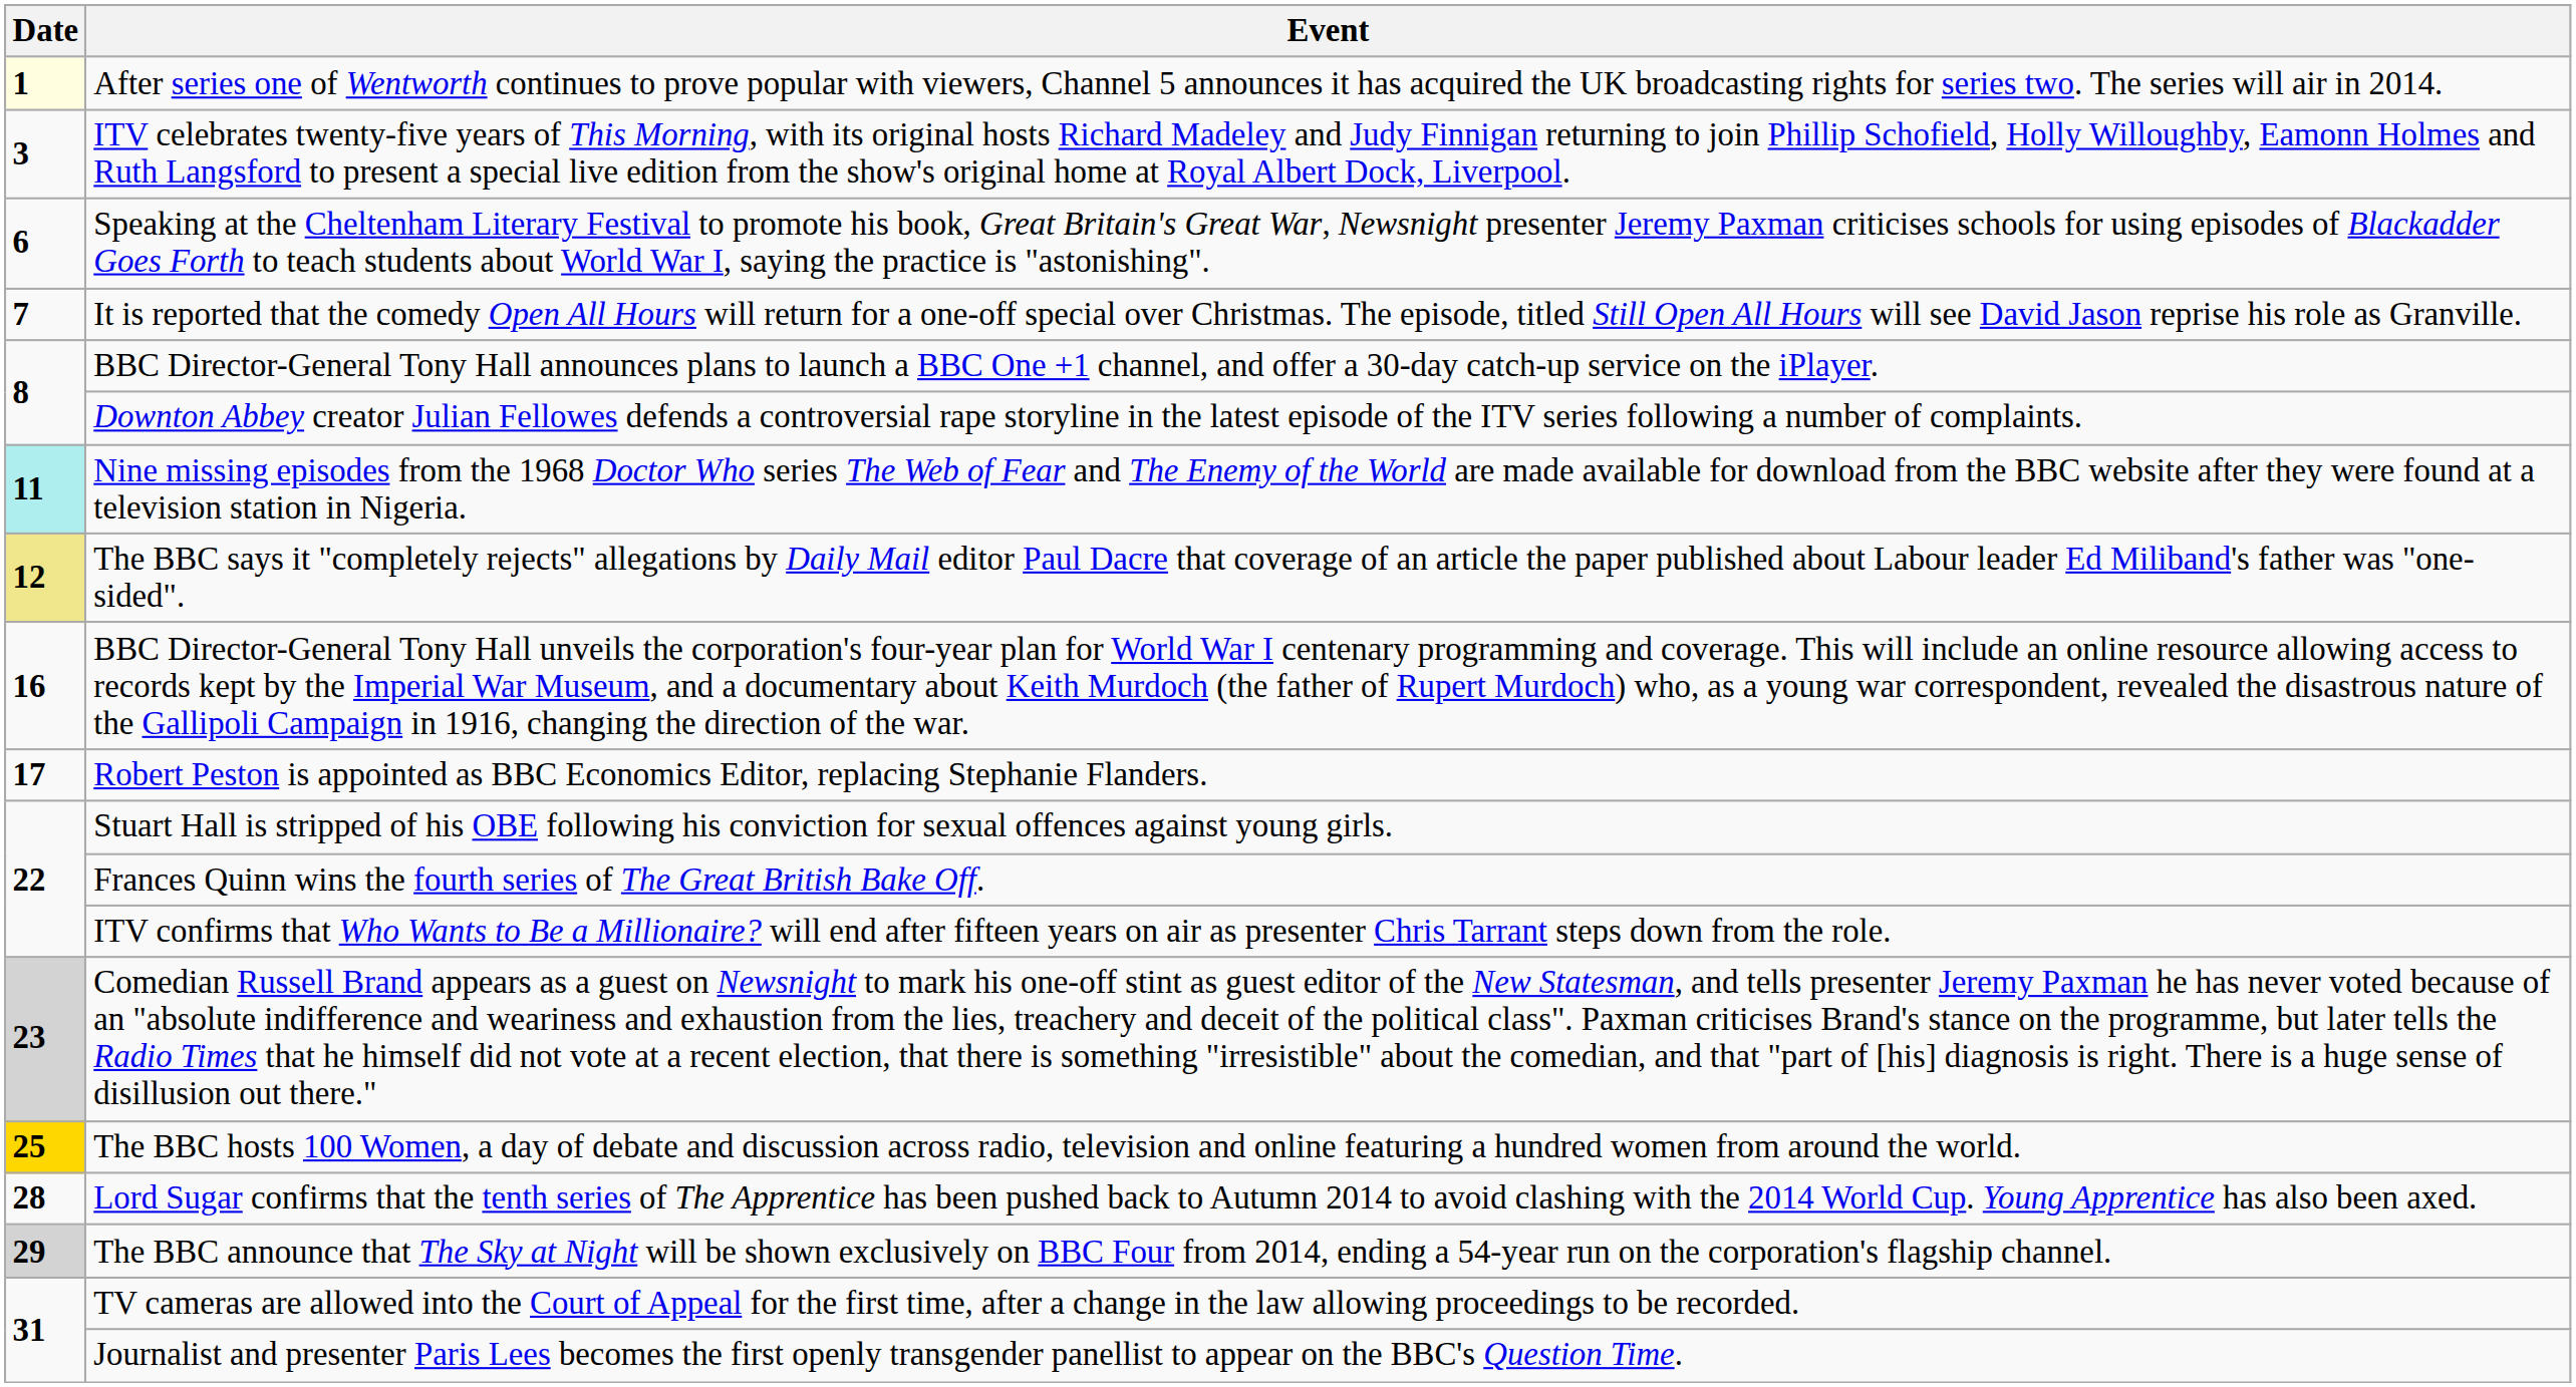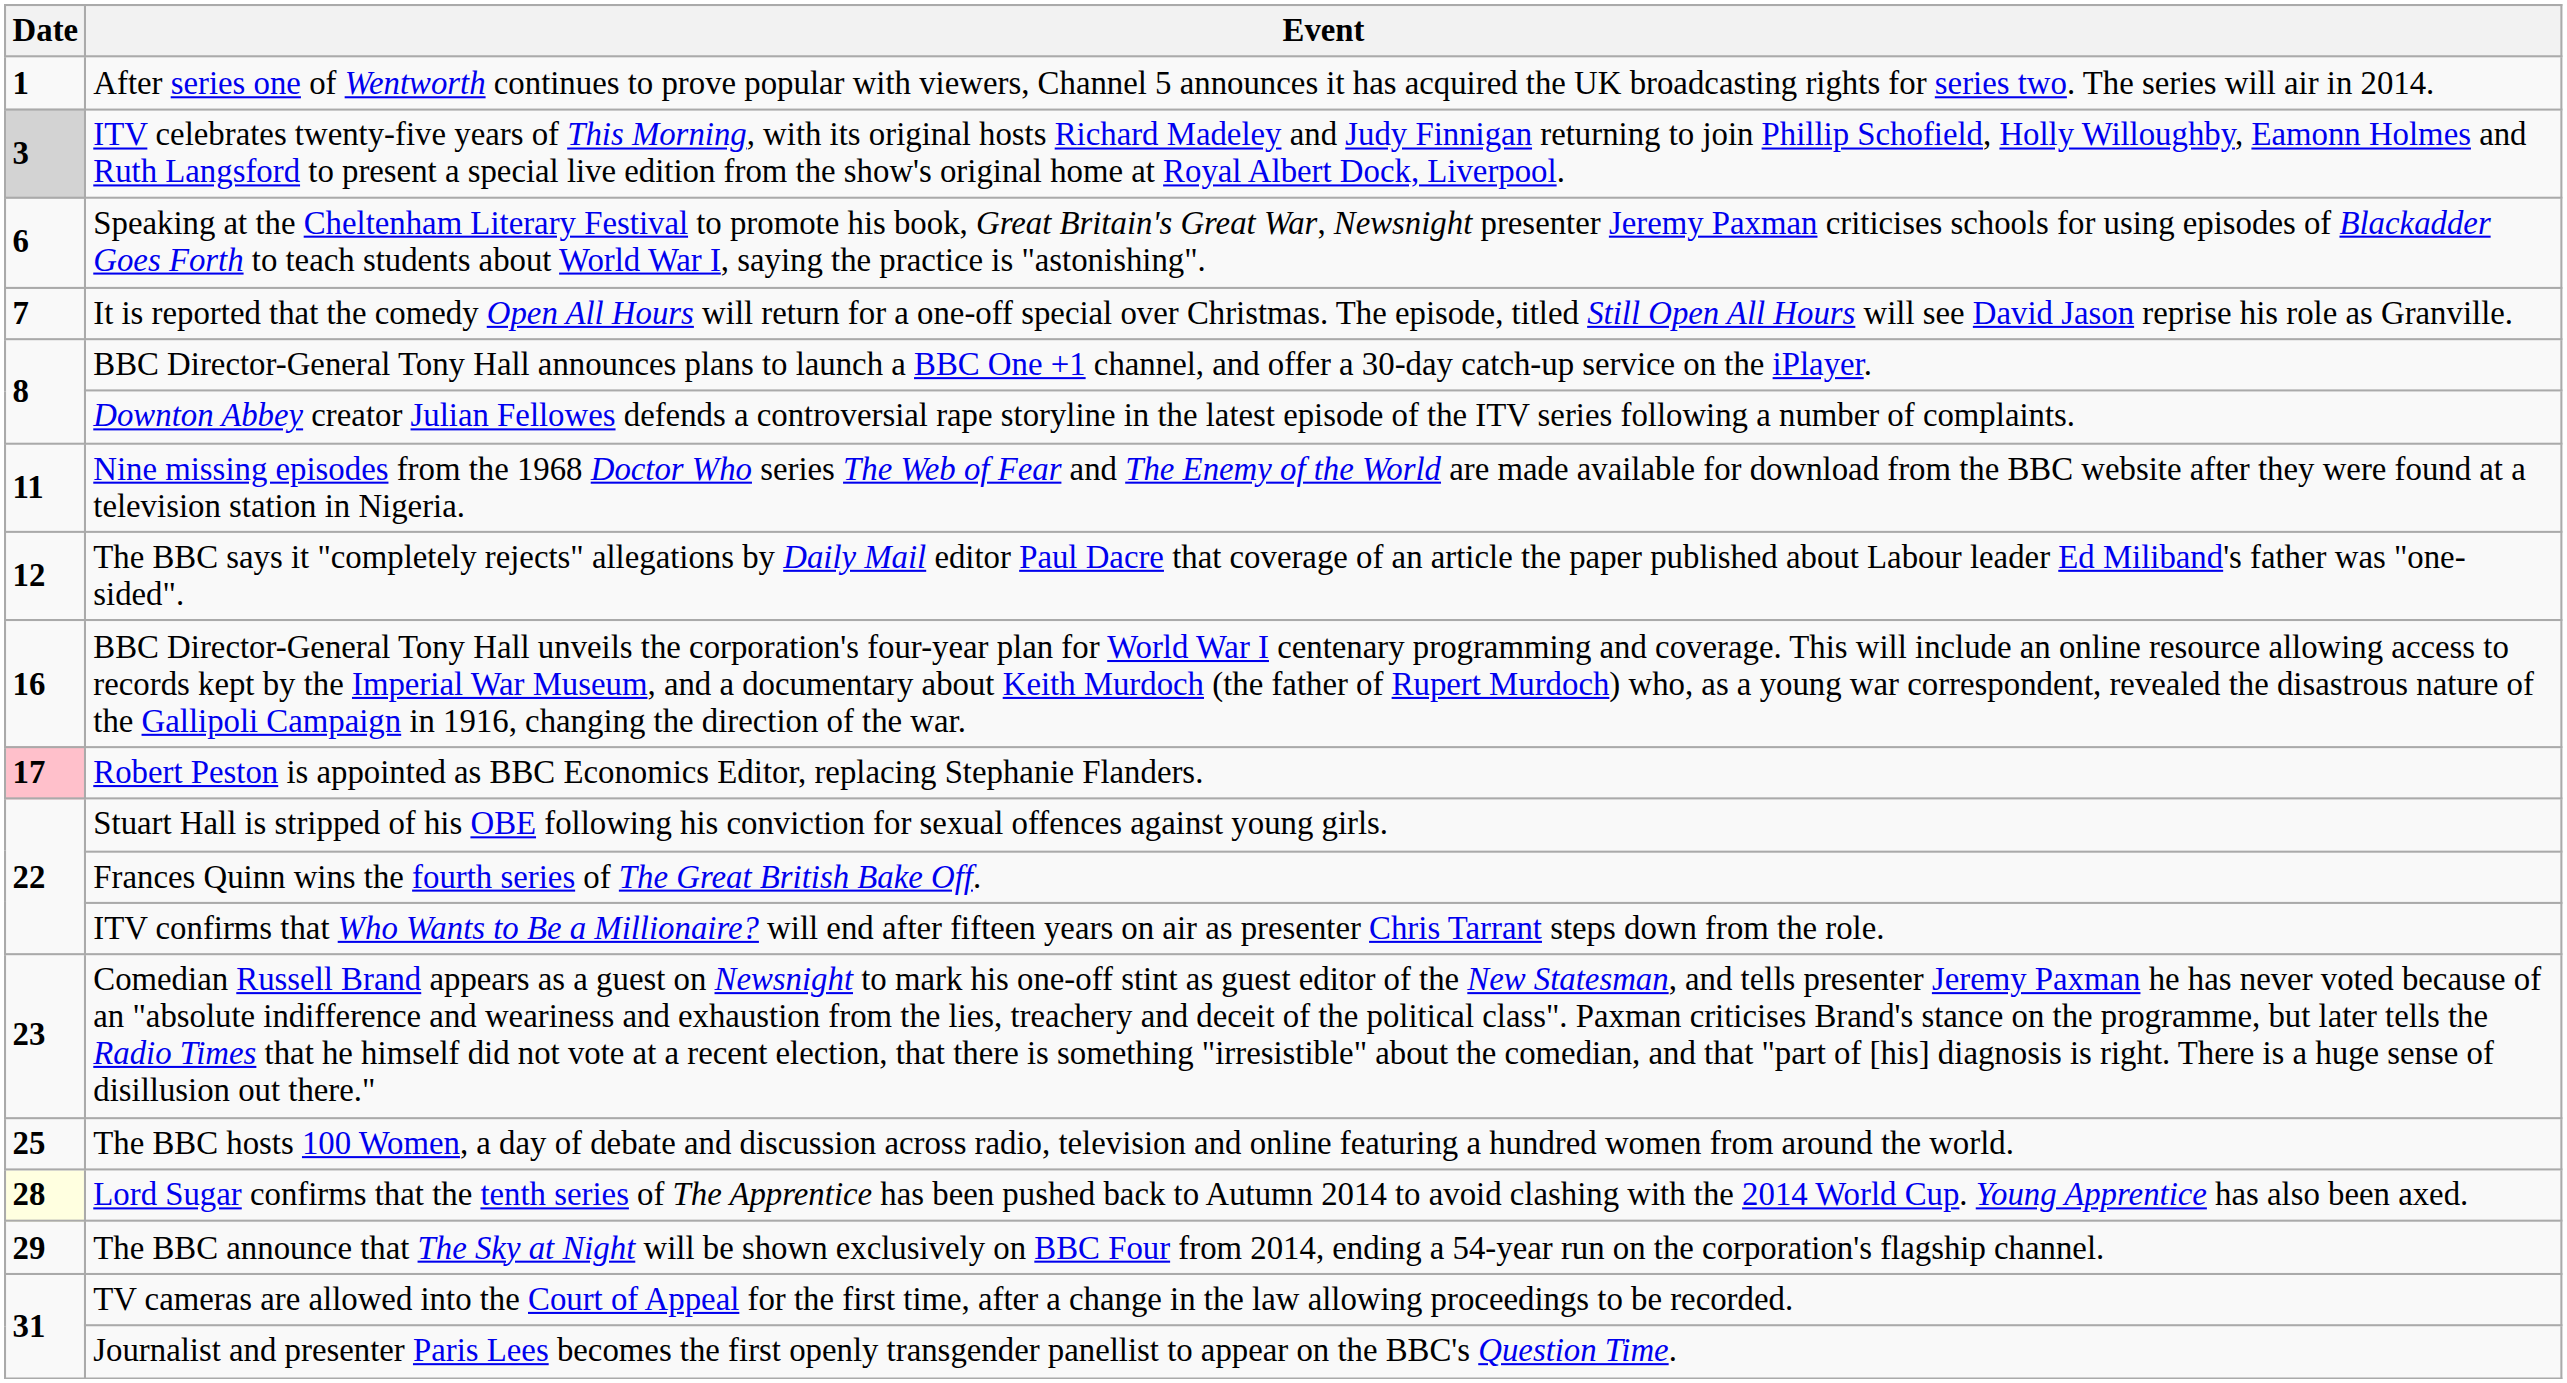 <table class="wikitable">
 <tr>
 <th>Date</th>
 <th>Event</th>
 </tr>
 <tr>
-<td style="background: lightyellow;"><strong>1</strong></td>
+<td><strong>1</strong></td>
 <td>After <a href='#'>series one</a> of <em><a href='#'>Wentworth</a></em> continues to prove popular with viewers, Channel 5 announces it has acquired the UK broadcasting rights for <a href='#'>series two</a>. The series will air in 2014.</td>
 </tr>
 <tr>
-<td><strong>3</strong></td>
+<td style="background: lightgrey;"><strong>3</strong></td>
 <td><a href='#'>ITV</a> celebrates twenty-five years of <em><a href='#'>This Morning</a></em>, with its original hosts <a href='#'>Richard Madeley</a> and <a href='#'>Judy Finnigan</a> returning to join <a href='#'>Phillip Schofield</a>, <a href='#'>Holly Willoughby</a>, <a href='#'>Eamonn Holmes</a> and <a href='#'>Ruth Langsford</a> to present a special live edition from the show's original home at <a href='#'>Royal Albert Dock, Liverpool</a>.</td>
 </tr>
 <tr>
 <td><strong>6</strong></td>
 <td>Speaking at the <a href='#'>Cheltenham Literary Festival</a> to promote his book, <em>Great Britain's Great War</em>, <em>Newsnight</em> presenter <a href='#'>Jeremy Paxman</a> criticises schools for using episodes of <em><a href='#'>Blackadder Goes Forth</a></em> to teach students about <a href='#'>World War I</a>, saying the practice is "astonishing".</td>
 </tr>
 <tr>
 <td><strong>7</strong></td>
 <td>It is reported that the comedy <em><a href='#'>Open All Hours</a></em> will return for a one-off special over Christmas. The episode, titled <em><a href='#'>Still Open All Hours</a></em> will see <a href='#'>David Jason</a> reprise his role as Granville.</td>
 </tr>
 <tr>
 <td rowspan=2><strong>8</strong></td>
 <td>BBC Director-General Tony Hall announces plans to launch a <a href='#'>BBC One +1</a> channel, and offer a 30-day catch-up service on the <a href='#'>iPlayer</a>.</td>
 </tr>
 <tr>
 <td><em><a href='#'>Downton Abbey</a></em> creator <a href='#'>Julian Fellowes</a> defends a controversial rape storyline in the latest episode of the ITV series following a number of complaints.</td>
 </tr>
 <tr>
-<td style="background: paleturquoise;"><strong>11</strong></td>
+<td><strong>11</strong></td>
 <td><a href='#'>Nine missing episodes</a> from the 1968 <em><a href='#'>Doctor Who</a></em> series <em><a href='#'>The Web of Fear</a></em> and <em><a href='#'>The Enemy of the World</a></em> are made available for download from the BBC website after they were found at a television station in Nigeria.</td>
 </tr>
 <tr>
-<td style="background: khaki;"><strong>12</strong></td>
+<td><strong>12</strong></td>
 <td>The BBC says it "completely rejects" allegations by <em><a href='#'>Daily Mail</a></em> editor <a href='#'>Paul Dacre</a> that coverage of an article the paper published about Labour leader <a href='#'>Ed Miliband</a>'s father was "one-sided".</td>
 </tr>
 <tr>
 <td><strong>16</strong></td>
 <td>BBC Director-General Tony Hall unveils the corporation's four-year plan for <a href='#'>World War I</a> centenary programming and coverage. This will include an online resource allowing access to records kept by the <a href='#'>Imperial War Museum</a>, and a documentary about <a href='#'>Keith Murdoch</a> (the father of <a href='#'>Rupert Murdoch</a>) who, as a young war correspondent, revealed the disastrous nature of the <a href='#'>Gallipoli Campaign</a> in 1916, changing the direction of the war.</td>
 </tr>
 <tr>
-<td><strong>17</strong></td>
+<td style="background: pink;"><strong>17</strong></td>
 <td><a href='#'>Robert Peston</a> is appointed as BBC Economics Editor, replacing Stephanie Flanders.</td>
 </tr>
 <tr>
 <td rowspan=3><strong>22</strong></td>
 <td>Stuart Hall is stripped of his <a href='#'>OBE</a> following his conviction for sexual offences against young girls.</td>
 </tr>
 <tr>
 <td>Frances Quinn wins the <a href='#'>fourth series</a> of <em><a href='#'>The Great British Bake Off</a></em>.</td>
 </tr>
 <tr>
 <td>ITV confirms that <em><a href='#'>Who Wants to Be a Millionaire?</a></em> will end after fifteen years on air as presenter <a href='#'>Chris Tarrant</a> steps down from the role.</td>
 </tr>
 <tr>
-<td style="background: lightgrey;"><strong>23</strong></td>
+<td><strong>23</strong></td>
 <td>Comedian <a href='#'>Russell Brand</a> appears as a guest on <em><a href='#'>Newsnight</a></em> to mark his one-off stint as guest editor of the <em><a href='#'>New Statesman</a></em>, and tells presenter <a href='#'>Jeremy Paxman</a> he has never voted because of an "absolute indifference and weariness and exhaustion from the lies, treachery and deceit of the political class". Paxman criticises Brand's stance on the programme, but later tells the <em><a href='#'>Radio Times</a></em> that he himself did not vote at a recent election, that there is something "irresistible" about the comedian, and that "part of [his] diagnosis is right. There is a huge sense of disillusion out there."</td>
 </tr>
 <tr>
-<td style="background: gold;"><strong>25</strong></td>
+<td><strong>25</strong></td>
 <td>The BBC hosts <a href='#'>100 Women</a>, a day of debate and discussion across radio, television and online featuring a hundred women from around the world.</td>
 </tr>
 <tr>
-<td><strong>28</strong></td>
+<td style="background: lightyellow;"><strong>28</strong></td>
 <td><a href='#'>Lord Sugar</a> confirms that the <a href='#'>tenth series</a> of <em>The Apprentice</em> has been pushed back to Autumn 2014 to avoid clashing with the <a href='#'>2014 World Cup</a>. <em><a href='#'>Young Apprentice</a></em> has also been axed.</td>
 </tr>
 <tr>
-<td style="background: lightgrey;"><strong>29</strong></td>
+<td><strong>29</strong></td>
 <td>The BBC announce that <em><a href='#'>The Sky at Night</a></em> will be shown exclusively on <a href='#'>BBC Four</a> from 2014, ending a 54-year run on the corporation's flagship channel.</td>
 </tr>
 <tr>
 <td rowspan=2><strong>31</strong></td>
 <td>TV cameras are allowed into the <a href='#'>Court of Appeal</a> for the first time, after a change in the law allowing proceedings to be recorded.</td>
 </tr>
 <tr>
 <td>Journalist and presenter <a href='#'>Paris Lees</a> becomes the first openly transgender panellist to appear on the BBC's <em><a href='#'>Question Time</a></em>.</td>
 </tr>
 </table>
